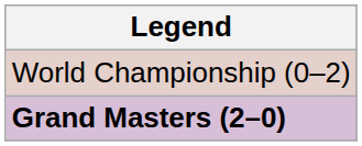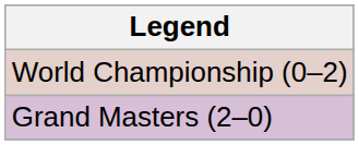 <table class="wikitable">
 <tr>
 <th>Legend</th>
 </tr>
 <tr style="background:#e5d1cb;">
 <td>World Championship (0–2)</td>
 </tr>
 <tr style="background:thistle">
-<td><strong>Grand Masters (2–0)</strong></td>
+<td>Grand Masters (2–0)</td>
 </tr>
 </table>
